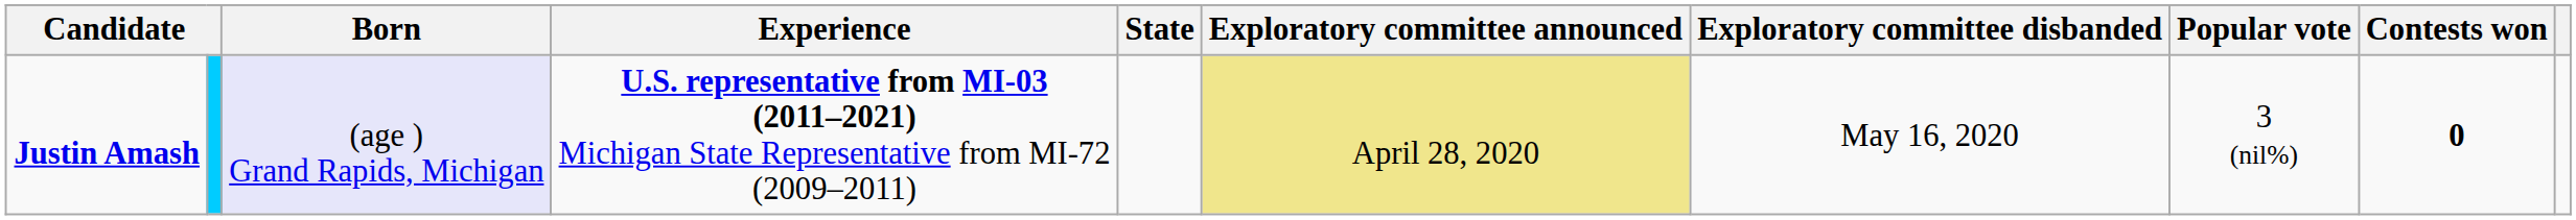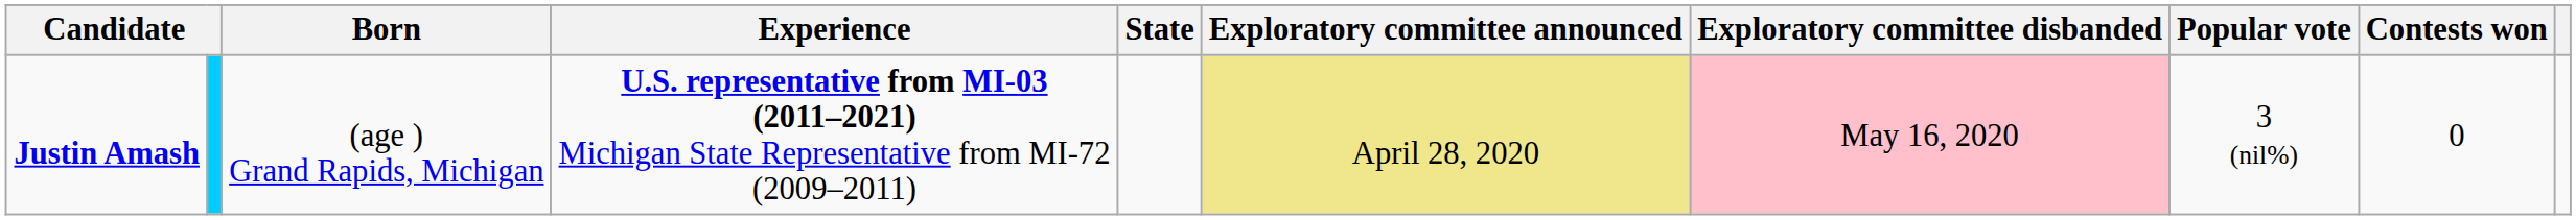 <table class="wikitable" style="margin:auto;text-align:center">
 <tr>
 <th colspan="2">Candidate</th>
 <th>Born</th>
 <th>Experience</th>
 <th>State</th>
 <th>Exploratory committee announced</th>
 <th>Exploratory committee disbanded</th>
 <th>Popular vote</th>
 <th>Contests won</th>
 <th class="unsortable"></th>
 </tr>
 <tr>
 <td data-sort-value="Amash, Justin"><br><strong><a href='#'>Justin Amash</a></strong></td>
 <td style="background:#00ccffff;"></td>
-<td style="background: lavender;"><br> (age )<br><a href='#'>Grand Rapids, Michigan</a></td>
+<td><br> (age )<br><a href='#'>Grand Rapids, Michigan</a></td>
 <td><strong><a href='#'>U.S. representative</a> from <a href='#'>MI-03</a><br>(2011–2021)</strong><br> <a href='#'>Michigan State Representative</a> from MI-72<br>(2009–2011)</td>
 <td></td>
 <td style="background: khaki;"><br>April 28, 2020</td>
-<td>May 16, 2020</td>
+<td style="background: pink;">May 16, 2020</td>
 <td data-sort-value="3">3 <br><small>(nil%)</small></td>
-<td data-sort-value="0"><strong>0</strong></td>
+<td data-sort-value="0">0</td>
 <td></td>
 </tr>
 </table>
